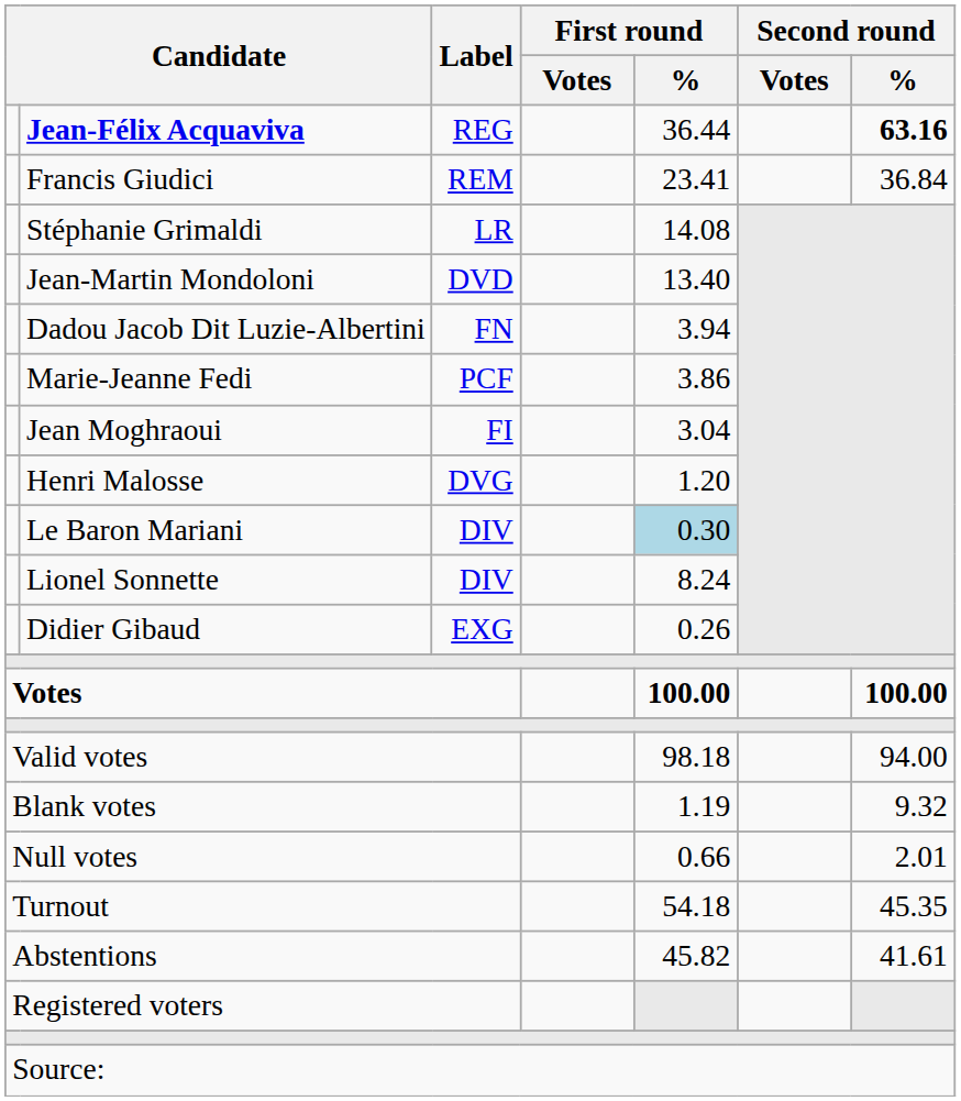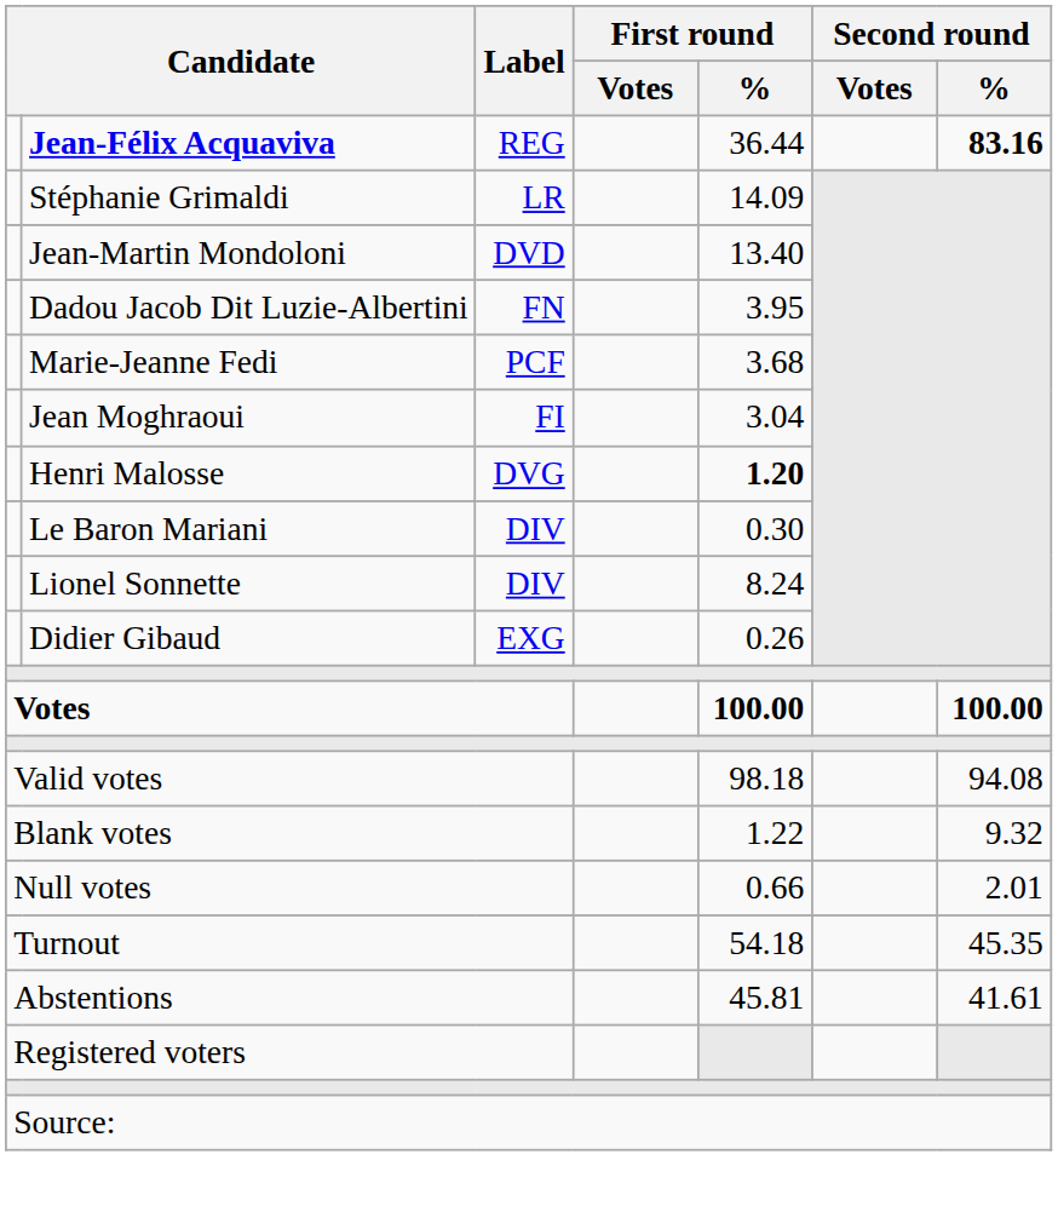 <table class="wikitable" style="text-align:right;font-size:95%;">
 <tr>
 <th rowspan="2" colspan="2">Candidate</th>
 <th rowspan="2">Label</th>
 <th colspan="2">First round</th>
 <th colspan="2">Second round</th>
 </tr>
 <tr>
 <th style="width:50px;">Votes</th>
 <th style="width:45px;">%</th>
 <th style="width:50px;">Votes</th>
 <th style="width:45px;">%</th>
 </tr>
 <tr>
 <td style="color:inherit;background:"></td>
 <td style="text-align:left;"><strong><a href='#'>Jean-Félix Acquaviva</a></strong></td>
 <td><a href='#'>REG</a></td>
 <td></td>
 <td>36.44</td>
 <td><strong></strong></td>
-<td><strong>63.16</strong></td>
-</tr>
-<tr>
-<td style="color:inherit;background:"></td>
-<td style="text-align:left;">Francis Giudici</td>
-<td><a href='#'>REM</a></td>
-<td></td>
-<td>23.41</td>
-<td></td>
-<td>36.84</td>
+<td><strong>83.16</strong></td>
 </tr>
 <tr>
 <td style="color:inherit;background:"></td>
 <td style="text-align:left;">Stéphanie Grimaldi</td>
 <td><a href='#'>LR</a></td>
 <td></td>
-<td>14.08</td>
+<td>14.09</td>
 <td colspan="2" rowspan="9" style="background:#E9E9E9;"></td>
 </tr>
 <tr>
 <td style="color:inherit;background:"></td>
 <td style="text-align:left;">Jean-Martin Mondoloni</td>
 <td><a href='#'>DVD</a></td>
 <td></td>
 <td>13.40</td>
 </tr>
 <tr>
 <td style="color:inherit;background:"></td>
 <td style="text-align:left;">Dadou Jacob Dit Luzie-Albertini</td>
 <td><a href='#'>FN</a></td>
 <td></td>
-<td>3.94</td>
+<td>3.95</td>
 </tr>
 <tr>
 <td style="color:inherit;background:"></td>
 <td style="text-align:left;">Marie-Jeanne Fedi</td>
 <td><a href='#'>PCF</a></td>
 <td></td>
-<td>3.86</td>
+<td>3.68</td>
 </tr>
 <tr>
 <td style="color:inherit;background:"></td>
 <td style="text-align:left;">Jean Moghraoui</td>
 <td><a href='#'>FI</a></td>
 <td></td>
 <td>3.04</td>
 </tr>
 <tr>
 <td style="color:inherit;background:"></td>
 <td style="text-align:left;">Henri Malosse</td>
 <td><a href='#'>DVG</a></td>
 <td></td>
-<td>1.20</td>
+<td><strong>1.20</strong></td>
 </tr>
 <tr>
 <td style="color:inherit;background:"></td>
 <td style="text-align:left;">Le Baron Mariani</td>
 <td><a href='#'>DIV</a></td>
 <td></td>
-<td style="background: lightblue;">0.30</td>
+<td>0.30</td>
 </tr>
 <tr>
 <td style="color:inherit;background:"></td>
 <td style="text-align:left;">Lionel Sonnette</td>
 <td><a href='#'>DIV</a></td>
 <td></td>
 <td>8.24</td>
 </tr>
 <tr>
 <td style="color:inherit;background:"></td>
 <td style="text-align:left;">Didier Gibaud</td>
 <td><a href='#'>EXG</a></td>
 <td></td>
 <td>0.26</td>
 </tr>
 <tr>
 <td colspan="7" style="background:#E9E9E9;"></td>
 </tr>
 <tr style="font-weight:bold;">
 <td colspan="3" style="text-align:left;">Votes</td>
 <td></td>
 <td>100.00</td>
 <td></td>
 <td>100.00</td>
 </tr>
 <tr>
 <td colspan="7" style="background:#E9E9E9;"></td>
 </tr>
 <tr>
 <td colspan="3" style="text-align:left;">Valid votes</td>
 <td></td>
 <td>98.18</td>
 <td></td>
-<td>94.00</td>
+<td>94.08</td>
 </tr>
 <tr>
 <td colspan="3" style="text-align:left;">Blank votes</td>
 <td></td>
-<td>1.19</td>
+<td>1.22</td>
 <td></td>
 <td>9.32</td>
 </tr>
 <tr>
 <td colspan="3" style="text-align:left;">Null votes</td>
 <td></td>
 <td>0.66</td>
 <td></td>
 <td>2.01</td>
 </tr>
 <tr>
 <td colspan="3" style="text-align:left;">Turnout</td>
 <td></td>
 <td>54.18</td>
 <td></td>
 <td>45.35</td>
 </tr>
 <tr>
 <td colspan="3" style="text-align:left;">Abstentions</td>
 <td></td>
-<td>45.82</td>
+<td>45.81</td>
 <td></td>
 <td>41.61</td>
 </tr>
 <tr>
 <td colspan="3" style="text-align:left;">Registered voters</td>
 <td></td>
 <td style="background:#E9E9E9;"></td>
 <td></td>
 <td style="background:#E9E9E9;"></td>
 </tr>
 <tr>
 <td colspan="7" style="background:#E9E9E9;"></td>
 </tr>
 <tr>
 <td colspan="7" style="text-align:left;">Source: </td>
 </tr>
 </table>
